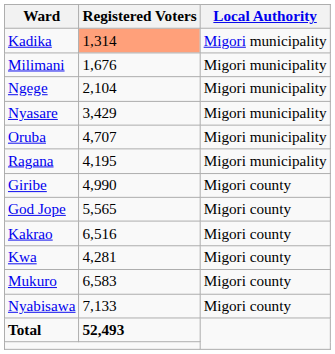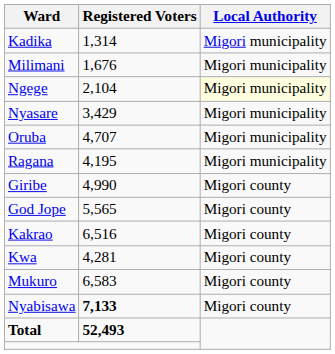 <table class="wikitable">
 <tr>
 <th>Ward</th>
 <th>Registered Voters</th>
 <th><a href='#'>Local Authority</a></th>
 </tr>
 <tr>
 <td><a href='#'>Kadika</a></td>
-<td style="background: lightsalmon;">1,314</td>
+<td>1,314</td>
 <td><a href='#'>Migori</a> municipality</td>
 </tr>
 <tr>
 <td><a href='#'>Milimani</a></td>
 <td>1,676</td>
 <td>Migori municipality</td>
 </tr>
 <tr>
 <td><a href='#'>Ngege</a></td>
 <td>2,104</td>
-<td>Migori municipality</td>
+<td style="background: lightyellow;">Migori municipality</td>
 </tr>
 <tr>
 <td><a href='#'>Nyasare</a></td>
 <td>3,429</td>
 <td>Migori municipality</td>
 </tr>
 <tr>
 <td><a href='#'>Oruba</a></td>
 <td>4,707</td>
 <td>Migori municipality</td>
 </tr>
 <tr>
 <td><a href='#'>Ragana</a></td>
 <td>4,195</td>
 <td>Migori municipality</td>
 </tr>
 <tr>
 <td><a href='#'>Giribe</a></td>
 <td>4,990</td>
 <td>Migori county</td>
 </tr>
 <tr>
 <td><a href='#'>God Jope</a></td>
 <td>5,565</td>
 <td>Migori county</td>
 </tr>
 <tr>
 <td><a href='#'>Kakrao</a></td>
 <td>6,516</td>
 <td>Migori county</td>
 </tr>
 <tr>
 <td><a href='#'>Kwa</a></td>
 <td>4,281</td>
 <td>Migori county</td>
 </tr>
 <tr>
 <td><a href='#'>Mukuro</a></td>
 <td>6,583</td>
 <td>Migori county</td>
 </tr>
 <tr>
 <td><a href='#'>Nyabisawa</a></td>
-<td>7,133</td>
+<td><strong>7,133</strong></td>
 <td>Migori county</td>
 </tr>
 <tr>
 <td><strong>Total</strong></td>
 <td><strong>52,493</strong></td>
 </tr>
 <tr>
 <td colspan="2"></td>
 </tr>
 </table>
